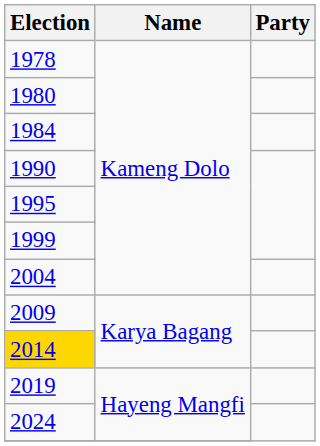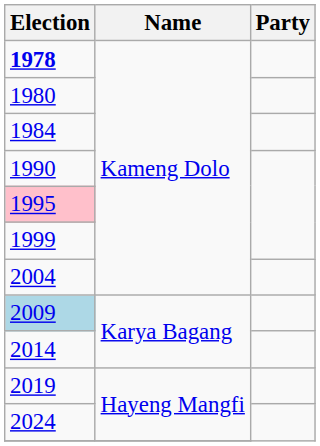 <table class="wikitable sortable">
 <tr>
 <th>Election</th>
 <th>Name</th>
 <th colspan=2>Party</th>
 </tr>
 <tr>
-<td><a href='#'>1978</a></td>
+<td><strong><a href='#'>1978</a></strong></td>
 <td rowspan=7><a href='#'>Kameng Dolo</a></td>
 <td></td>
 </tr>
 <tr>
 <td><a href='#'>1980</a></td>
 <td></td>
 </tr>
 <tr>
 <td><a href='#'>1984</a></td>
 <td></td>
 </tr>
 <tr>
 <td><a href='#'>1990</a></td>
 </tr>
 <tr>
-<td><a href='#'>1995</a></td>
+<td style="background: pink;"><a href='#'>1995</a></td>
 </tr>
 <tr>
 <td><a href='#'>1999</a></td>
 </tr>
 <tr>
 <td><a href='#'>2004</a></td>
 <td></td>
 </tr>
 <tr>
-<td><a href='#'>2009</a></td>
+<td style="background: lightblue;"><a href='#'>2009</a></td>
 <td rowspan=2><a href='#'>Karya Bagang</a></td>
 <td></td>
 </tr>
 <tr>
-<td style="background: gold;"><a href='#'>2014</a></td>
+<td><a href='#'>2014</a></td>
 <td></td>
 </tr>
 <tr>
 <td><a href='#'>2019</a></td>
 <td rowspan=2><a href='#'>Hayeng Mangfi</a></td>
 <td></td>
 </tr>
 <tr>
 <td><a href='#'>2024</a></td>
 </tr>
 <tr>
 </tr>
 </table>
